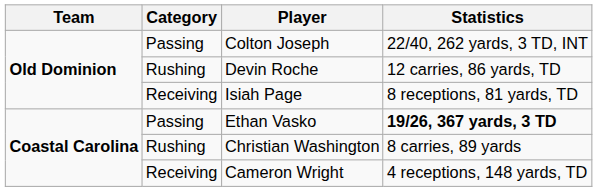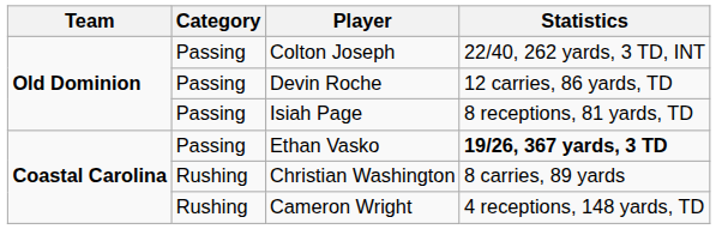 <table class="wikitable" style="float: right;">
 <tr>
 <th>Team</th>
 <th>Category</th>
 <th>Player</th>
 <th>Statistics</th>
 </tr>
 <tr>
 <td rowspan=3><strong>Old Dominion</strong></td>
 <td>Passing</td>
 <td>Colton Joseph</td>
 <td>22/40, 262 yards, 3 TD, INT</td>
 </tr>
 <tr>
-<td>Rushing</td>
+<td>Passing</td>
 <td>Devin Roche</td>
 <td>12 carries, 86 yards, TD</td>
 </tr>
 <tr>
-<td>Receiving</td>
+<td>Passing</td>
 <td>Isiah Page</td>
 <td>8 receptions, 81 yards, TD</td>
 </tr>
 <tr>
 <td rowspan=3><strong>Coastal Carolina</strong></td>
 <td>Passing</td>
 <td>Ethan Vasko</td>
 <td><strong>19/26, 367 yards, 3 TD</strong></td>
 </tr>
 <tr>
 <td>Rushing</td>
 <td>Christian Washington</td>
 <td>8 carries, 89 yards</td>
 </tr>
 <tr>
-<td>Receiving</td>
+<td>Rushing</td>
 <td>Cameron Wright</td>
 <td>4 receptions, 148 yards, TD</td>
 </tr>
 </table>
